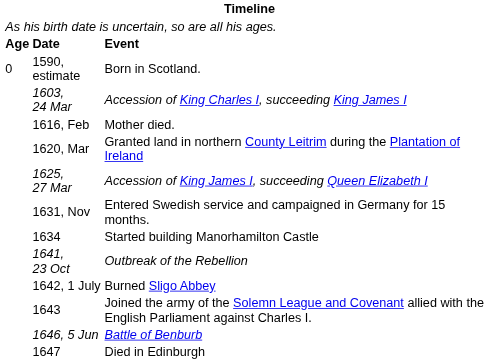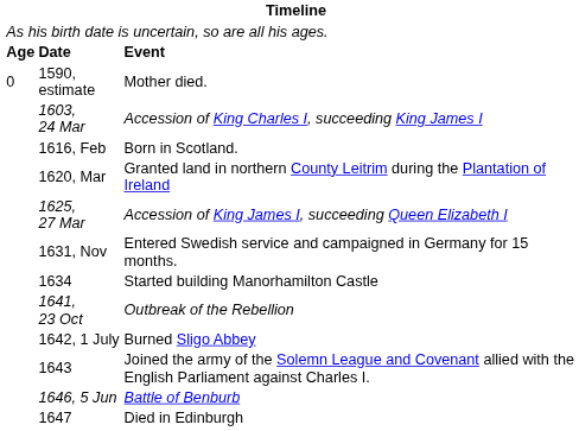 <table>
 <tr>
 <th colspan=3>Timeline</th>
 </tr>
 <tr>
 <td colspan=3><em>As his birth date is uncertain, so are all his ages.</em></td>
 </tr>
 <tr>
 <th align="left">Age</th>
 <th align="left">Date</th>
 <th align="left">Event</th>
 </tr>
 <tr>
 <td>0</td>
 <td>1590, estimate</td>
-<td>Born in Scotland.</td>
+<td>Mother died.</td>
 </tr>
 <tr>
 <td></td>
 <td><em>1603, 24 Mar</em></td>
 <td><em>Accession of <a href='#'>King Charles I</a>, succeeding <a href='#'>King James I</a></em></td>
 </tr>
 <tr>
 <td></td>
 <td>1616, Feb</td>
-<td>Mother died.</td>
+<td>Born in Scotland.</td>
 </tr>
 <tr>
 <td></td>
 <td>1620, Mar</td>
 <td>Granted land in northern <a href='#'>County Leitrim</a> during the <a href='#'>Plantation of Ireland</a></td>
 </tr>
 <tr>
 <td></td>
 <td><em>1625, 27 Mar</em></td>
 <td><em>Accession of <a href='#'>King James I</a>, succeeding <a href='#'>Queen Elizabeth I</a></em></td>
 </tr>
 <tr>
 <td></td>
 <td>1631, Nov</td>
 <td>Entered Swedish service and campaigned in Germany for 15 months.</td>
 </tr>
 <tr>
 <td></td>
 <td>1634</td>
 <td>Started building Manorhamilton Castle</td>
 </tr>
 <tr>
 <td></td>
 <td><em>1641, 23 Oct</em></td>
 <td><em>Outbreak of the Rebellion</em></td>
 </tr>
 <tr>
 <td></td>
 <td>1642, 1 July</td>
 <td>Burned <a href='#'>Sligo Abbey</a></td>
 </tr>
 <tr>
 <td></td>
 <td>1643</td>
 <td>Joined the army of the <a href='#'>Solemn League and Covenant</a> allied with the English Parliament against Charles I.</td>
 </tr>
 <tr>
 <td></td>
 <td><em>1646, 5 Jun</em></td>
 <td><em><a href='#'>Battle of Benburb</a></em></td>
 </tr>
 <tr>
 <td></td>
 <td>1647</td>
 <td>Died in Edinburgh</td>
 </tr>
 </table>
